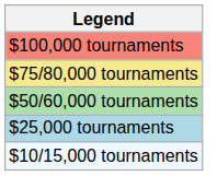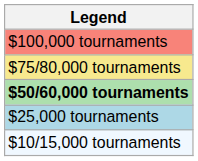 <table class="wikitable" style="font-size:85%;">
 <tr>
 <th>Legend</th>
 </tr>
 <tr style="background:#f88379;">
 <td>$100,000 tournaments</td>
 </tr>
 <tr style="background:#f7e98e;">
 <td>$75/80,000 tournaments</td>
 </tr>
 <tr style="background:#addfad;">
-<td>$50/60,000 tournaments</td>
+<td><strong>$50/60,000 tournaments</strong></td>
 </tr>
 <tr style="background:lightblue;">
 <td>$25,000 tournaments</td>
 </tr>
 <tr style="background:#f0f8ff;">
 <td>$10/15,000 tournaments</td>
 </tr>
 </table>
